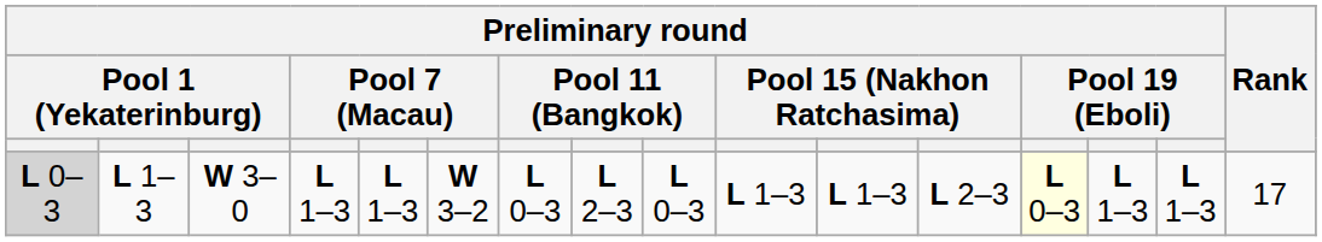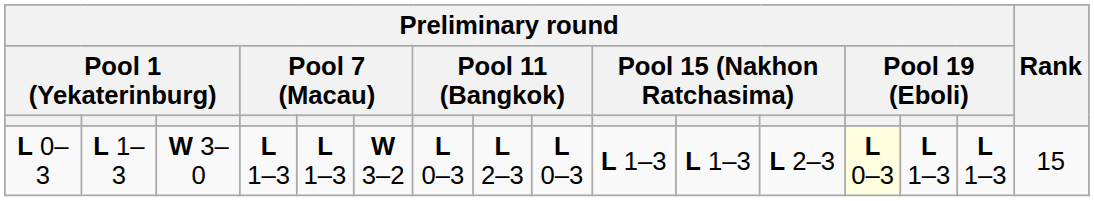 <table class="wikitable" style="font-size:90%;">
 <tr>
 <th colspan=15>Preliminary round</th>
 <th rowspan=3>Rank</th>
 </tr>
 <tr>
 <th colspan=3>Pool 1 (Yekaterinburg)</th>
 <th colspan=3>Pool 7 (Macau)</th>
 <th colspan=3>Pool 11 (Bangkok)</th>
 <th colspan=3>Pool 15 (Nakhon Ratchasima)</th>
 <th colspan=3>Pool 19 (Eboli)</th>
 </tr>
 <tr>
 <th></th>
 <th></th>
 <th></th>
 <th></th>
 <th></th>
 <th></th>
 <th></th>
 <th></th>
 <th></th>
 <th></th>
 <th></th>
 <th></th>
 <th></th>
 <th></th>
 <th></th>
 </tr>
 <tr align=center>
-<td style="background: lightgrey;"><strong>L</strong> 0–3</td>
+<td><strong>L</strong> 0–3</td>
 <td><strong>L</strong> 1–3</td>
 <td><strong>W</strong> 3–0</td>
 <td><strong>L</strong> 1–3</td>
 <td><strong>L</strong> 1–3</td>
 <td><strong>W</strong> 3–2</td>
 <td><strong>L</strong> 0–3</td>
 <td><strong>L</strong> 2–3</td>
 <td><strong>L</strong> 0–3</td>
 <td><strong>L</strong> 1–3</td>
 <td><strong>L</strong> 1–3</td>
 <td><strong>L</strong> 2–3</td>
 <td style="background: lightyellow;"><strong>L</strong> 0–3</td>
 <td><strong>L</strong> 1–3</td>
 <td><strong>L</strong> 1–3</td>
-<td>17</td>
+<td>15</td>
 </tr>
 </table>
